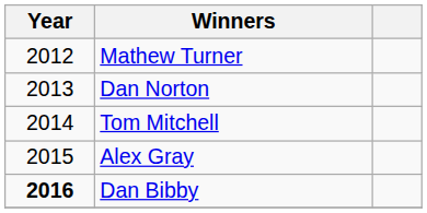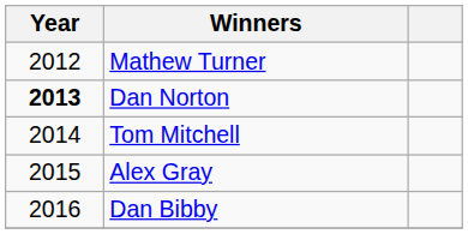 <table class="wikitable">
 <tr>
 <th width=60>Year</th>
 <th width=200>Winners</th>
 <th width=30></th>
 </tr>
 <tr>
 <td align=center>2012</td>
 <td><a href='#'>Mathew Turner</a></td>
 <td align=center></td>
 </tr>
 <tr>
-<td align=center>2013</td>
+<td align=center><strong>2013</strong></td>
 <td><a href='#'>Dan Norton</a></td>
 <td align=center></td>
 </tr>
 <tr>
 <td align=center>2014</td>
 <td><a href='#'>Tom Mitchell</a></td>
 <td align=center></td>
 </tr>
 <tr>
 <td align=center>2015</td>
 <td><a href='#'>Alex Gray</a></td>
 <td align=center></td>
 </tr>
 <tr>
-<td align=center><strong>2016</strong></td>
+<td align=center>2016</td>
 <td><a href='#'>Dan Bibby</a></td>
 <td align=center></td>
 </tr>
 <tr>
 </tr>
 </table>
